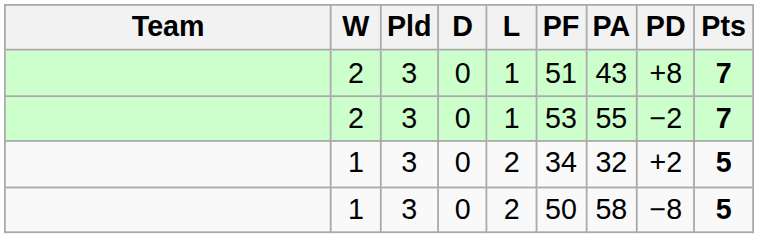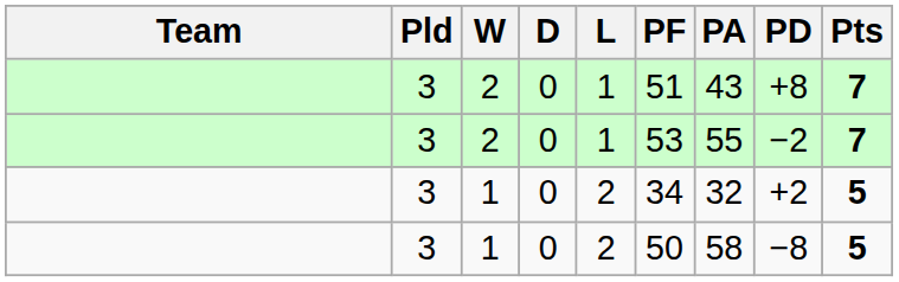 <table class="wikitable" style="text-align:center;">
 <tr>
 <th width=175>Team</th>
+<th width=20 abbr="Played">Pld</th>
 <th width=20 abbr="Won">W</th>
-<th width=20 abbr="Played">Pld</th>
 <th width=20 abbr="Drawn">D</th>
 <th width=20 abbr="Lost">L</th>
 <th width=20 abbr="Points for">PF</th>
 <th width=20 abbr="Points against">PA</th>
 <th width=25 abbr="Points difference">PD</th>
 <th width=20 abbr="Points">Pts</th>
 </tr>
 <tr bgcolor=ccffcc>
 <td align=left></td>
+<td>3</td>
 <td>2</td>
-<td>3</td>
 <td>0</td>
 <td>1</td>
 <td>51</td>
 <td>43</td>
 <td>+8</td>
 <td><strong>7</strong></td>
 </tr>
 <tr bgcolor=ccffcc>
 <td align=left></td>
+<td>3</td>
 <td>2</td>
-<td>3</td>
 <td>0</td>
 <td>1</td>
 <td>53</td>
 <td>55</td>
 <td>−2</td>
 <td><strong>7</strong></td>
 </tr>
 <tr>
 <td align=left></td>
+<td>3</td>
 <td>1</td>
-<td>3</td>
 <td>0</td>
 <td>2</td>
 <td>34</td>
 <td>32</td>
 <td>+2</td>
 <td><strong>5</strong></td>
 </tr>
 <tr>
 <td align=left></td>
+<td>3</td>
 <td>1</td>
-<td>3</td>
 <td>0</td>
 <td>2</td>
 <td>50</td>
 <td>58</td>
 <td>−8</td>
 <td><strong>5</strong></td>
 </tr>
 </table>
